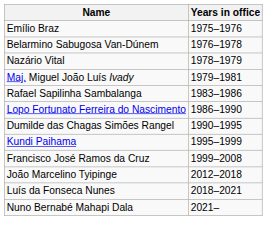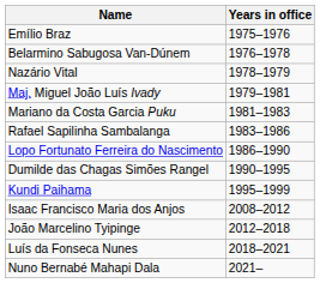 <table class="wikitable sortable">
 <tr>
 <th>Name</th>
 <th>Years in office</th>
 </tr>
 <tr>
 <td>Emílio Braz</td>
 <td data-sort-value="02">1975–1976</td>
 </tr>
 <tr>
 <td>Belarmino Sabugosa Van-Dúnem</td>
 <td data-sort-value="03">1976–1978</td>
 </tr>
 <tr>
 <td>Nazário Vital</td>
 <td data-sort-value="02">1978–1979</td>
 </tr>
 <tr>
 <td><a href='#'>Maj.</a> Miguel João Luís <em>Ivady</em></td>
 <td data-sort-value="03">1979–1981</td>
 </tr>
 <tr>
+<td>Mariano da Costa Garcia <em>Puku</em></td>
+<td data-sort-value="03">1981–1983</td>
+</tr>
+<tr>
 <td>Rafael Sapilinha Sambalanga</td>
 <td data-sort-value="04">1983–1986</td>
 </tr>
 <tr>
 <td><a href='#'>Lopo Fortunato Ferreira do Nascimento</a></td>
 <td data-sort-value="05">1986–1990</td>
 </tr>
 <tr>
 <td>Dumilde das Chagas Simões Rangel</td>
 <td data-sort-value="06">1990–1995</td>
 </tr>
 <tr>
 <td><a href='#'>Kundi Paihama</a></td>
 <td data-sort-value="05">1995–1999</td>
 </tr>
 <tr>
-<td>Francisco José Ramos da Cruz</td>
-<td data-sort-value="10">1999–2008</td>
+<td>Isaac Francisco Maria dos Anjos</td>
+<td data-sort-value="05">2008–2012</td>
 </tr>
 <tr>
 <td>João Marcelino Tyipinge</td>
 <td data-sort-value="06">2012–2018</td>
 </tr>
 <tr>
 <td>Luís da Fonseca Nunes</td>
 <td data-sort-value="02">2018–2021</td>
 </tr>
 <tr>
 <td>Nuno Bernabé Mahapi Dala</td>
 <td>2021–</td>
 </tr>
 </table>
